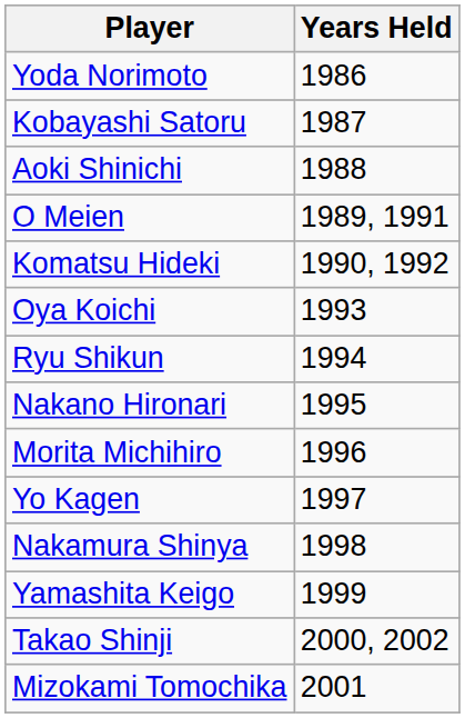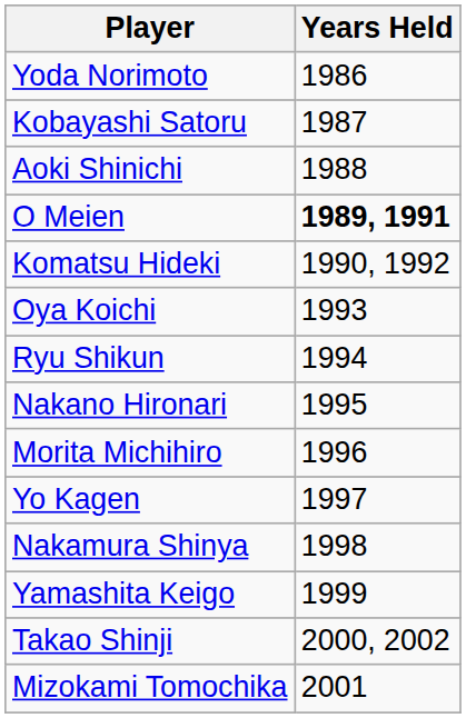 <table class="wikitable">
 <tr>
 <th>Player</th>
 <th>Years Held</th>
 </tr>
 <tr>
 <td><a href='#'>Yoda Norimoto</a></td>
 <td>1986</td>
 </tr>
 <tr>
 <td><a href='#'>Kobayashi Satoru</a></td>
 <td>1987</td>
 </tr>
 <tr>
 <td><a href='#'>Aoki Shinichi</a></td>
 <td>1988</td>
 </tr>
 <tr>
 <td><a href='#'>O Meien</a></td>
-<td>1989, 1991</td>
+<td><strong>1989, 1991</strong></td>
 </tr>
 <tr>
 <td><a href='#'>Komatsu Hideki</a></td>
 <td>1990, 1992</td>
 </tr>
 <tr>
 <td><a href='#'>Oya Koichi</a></td>
 <td>1993</td>
 </tr>
 <tr>
 <td><a href='#'>Ryu Shikun</a></td>
 <td>1994</td>
 </tr>
 <tr>
 <td><a href='#'>Nakano Hironari</a></td>
 <td>1995</td>
 </tr>
 <tr>
 <td><a href='#'>Morita Michihiro</a></td>
 <td>1996</td>
 </tr>
 <tr>
 <td><a href='#'>Yo Kagen</a></td>
 <td>1997</td>
 </tr>
 <tr>
 <td><a href='#'>Nakamura Shinya</a></td>
 <td>1998</td>
 </tr>
 <tr>
 <td><a href='#'>Yamashita Keigo</a></td>
 <td>1999</td>
 </tr>
 <tr>
 <td><a href='#'>Takao Shinji</a></td>
 <td>2000, 2002</td>
 </tr>
 <tr>
 <td><a href='#'>Mizokami Tomochika</a></td>
 <td>2001</td>
 </tr>
 </table>
